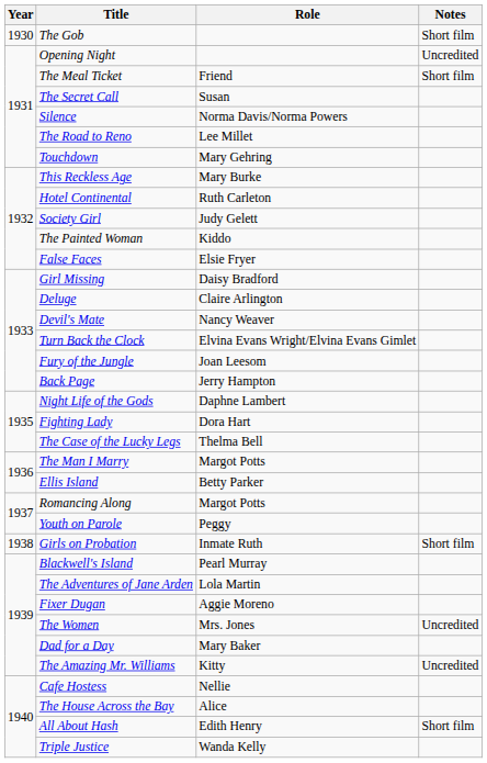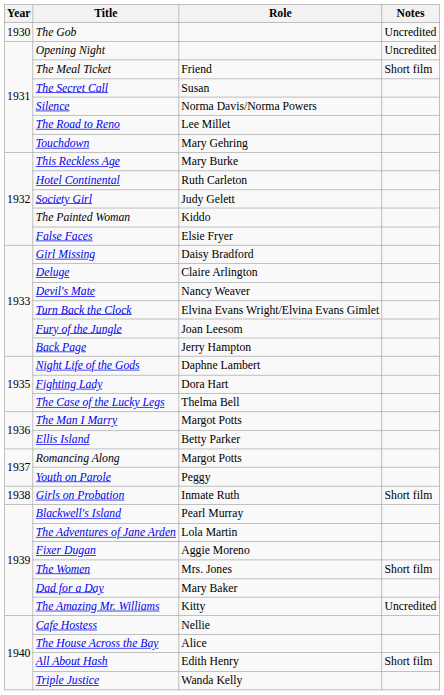 <table class="wikitable sortable">
 <tr>
 <th>Year</th>
 <th>Title</th>
 <th>Role</th>
 <th class="unsortable">Notes</th>
 </tr>
 <tr>
 <td>1930</td>
 <td data-sort-value="Gob"><em>The Gob</em></td>
 <td></td>
-<td>Short film</td>
+<td>Uncredited</td>
 </tr>
 <tr>
 <td rowspan=6>1931</td>
 <td><em>Opening Night</em></td>
 <td></td>
 <td>Uncredited</td>
 </tr>
 <tr>
 <td data-sort-value="Meal Ticket"><em>The Meal Ticket</em></td>
 <td>Friend</td>
 <td>Short film</td>
 </tr>
 <tr>
 <td data-sort-value="Secret Call"><em><a href='#'>The Secret Call</a></em></td>
 <td>Susan</td>
 <td></td>
 </tr>
 <tr>
 <td><em><a href='#'>Silence</a></em></td>
 <td>Norma Davis/Norma Powers</td>
 <td></td>
 </tr>
 <tr>
 <td data-sort-value="Road to Reno"><em><a href='#'>The Road to Reno</a></em></td>
 <td>Lee Millet</td>
 <td></td>
 </tr>
 <tr>
 <td><em><a href='#'>Touchdown</a></em></td>
 <td>Mary Gehring</td>
 <td></td>
 </tr>
 <tr>
 <td rowspan=5>1932</td>
 <td><em><a href='#'>This Reckless Age</a></em></td>
 <td>Mary Burke</td>
 <td></td>
 </tr>
 <tr>
 <td><em><a href='#'>Hotel Continental</a></em></td>
 <td>Ruth Carleton</td>
 <td></td>
 </tr>
 <tr>
 <td><em><a href='#'>Society Girl</a></em></td>
 <td>Judy Gelett</td>
 <td></td>
 </tr>
 <tr>
 <td data-sort-value="Painted Woman"><em>The Painted Woman</em></td>
 <td>Kiddo</td>
 <td></td>
 </tr>
 <tr>
 <td><em><a href='#'>False Faces</a></em></td>
 <td>Elsie Fryer</td>
 <td></td>
 </tr>
 <tr>
 <td rowspan=6>1933</td>
 <td><em><a href='#'>Girl Missing</a></em></td>
 <td>Daisy Bradford</td>
 <td></td>
 </tr>
 <tr>
 <td><em><a href='#'>Deluge</a></em></td>
 <td>Claire Arlington</td>
 <td></td>
 </tr>
 <tr>
 <td><em><a href='#'>Devil's Mate</a></em></td>
 <td>Nancy Weaver</td>
 <td></td>
 </tr>
 <tr>
 <td><em><a href='#'>Turn Back the Clock</a></em></td>
 <td>Elvina Evans Wright/Elvina Evans Gimlet</td>
 <td></td>
 </tr>
 <tr>
 <td><em><a href='#'>Fury of the Jungle</a></em></td>
 <td>Joan Leesom</td>
 <td></td>
 </tr>
 <tr>
 <td><em><a href='#'>Back Page</a></em></td>
 <td>Jerry Hampton</td>
 <td></td>
 </tr>
 <tr>
 <td rowspan=3>1935</td>
 <td><em><a href='#'>Night Life of the Gods</a></em></td>
 <td>Daphne Lambert</td>
 <td></td>
 </tr>
 <tr>
 <td data-sort-value="Fighting Lady"><em><a href='#'>Fighting Lady</a></em></td>
 <td>Dora Hart</td>
 <td></td>
 </tr>
 <tr>
 <td data-sort-value="Case of the Lucky Legs"><em><a href='#'>The Case of the Lucky Legs</a></em></td>
 <td>Thelma Bell</td>
 <td></td>
 </tr>
 <tr>
 <td rowspan=2>1936</td>
 <td data-sort-value="Man I Marry"><em><a href='#'>The Man I Marry</a></em></td>
 <td>Margot Potts</td>
 <td></td>
 </tr>
 <tr>
 <td><em><a href='#'>Ellis Island</a></em></td>
 <td>Betty Parker</td>
 <td></td>
 </tr>
 <tr>
 <td rowspan=2>1937</td>
 <td><em>Romancing Along</em></td>
 <td>Margot Potts</td>
 <td></td>
 </tr>
 <tr>
 <td><em><a href='#'>Youth on Parole</a></em></td>
 <td>Peggy</td>
 <td></td>
 </tr>
 <tr>
 <td>1938</td>
 <td><em><a href='#'>Girls on Probation</a></em></td>
 <td>Inmate Ruth</td>
 <td>Short film</td>
 </tr>
 <tr>
 <td rowspan=6>1939</td>
 <td><em><a href='#'>Blackwell's Island</a></em></td>
 <td>Pearl Murray</td>
 <td></td>
 </tr>
 <tr>
 <td data-sort-value="Adventures of Jane Arden"><em><a href='#'>The Adventures of Jane Arden</a></em></td>
 <td>Lola Martin</td>
 <td></td>
 </tr>
 <tr>
 <td><em><a href='#'>Fixer Dugan</a></em></td>
 <td>Aggie Moreno</td>
 <td></td>
 </tr>
 <tr>
 <td data-sort-value="Women"><em><a href='#'>The Women</a></em></td>
 <td>Mrs. Jones</td>
-<td>Uncredited</td>
+<td>Short film</td>
 </tr>
 <tr>
 <td><em><a href='#'>Dad for a Day</a></em></td>
 <td>Mary Baker</td>
 <td></td>
 </tr>
 <tr>
 <td data-sort-value="Amazing Mr. Williams"><em><a href='#'>The Amazing Mr. Williams</a></em></td>
 <td>Kitty</td>
 <td>Uncredited</td>
 </tr>
 <tr>
 <td rowspan=4>1940</td>
 <td><em><a href='#'>Cafe Hostess</a></em></td>
 <td>Nellie</td>
 <td></td>
 </tr>
 <tr>
 <td data-sort-value="House Across the Bay"><em><a href='#'>The House Across the Bay</a></em></td>
 <td>Alice</td>
 <td></td>
 </tr>
 <tr>
 <td><em><a href='#'>All About Hash</a></em></td>
 <td>Edith Henry</td>
 <td>Short film</td>
 </tr>
 <tr>
 <td><em><a href='#'>Triple Justice</a></em></td>
 <td>Wanda Kelly</td>
 <td></td>
 </tr>
 </table>
